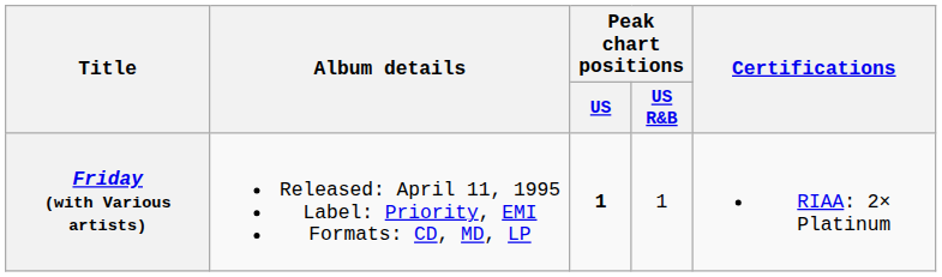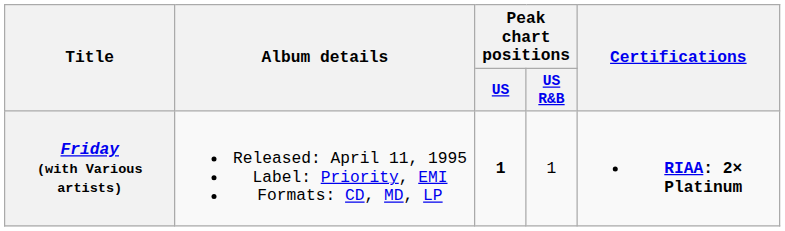 <table class="wikitable plainrowheaders" style="text-align:center;">
 <tr>
 <th scope="col" rowspan="2" style="width:10em;">Title</th>
 <th scope="col" rowspan="2" style="width:18em;">Album details</th>
 <th scope="col" colspan="2">Peak chart positions</th>
 <th scope="col" rowspan="2" style="width:12em;"><a href='#'>Certifications</a></th>
 </tr>
 <tr>
 <th style="width:3em;font-size:90%;"><a href='#'>US</a><br></th>
 <th style="width:3em;font-size:90%;"><a href='#'>US R&B</a><br></th>
 </tr>
 <tr>
 <th scope="row"><em><a href='#'>Friday</a></em><br><small>(with Various artists)</small></th>
 <td><br><ul><li>Released: April 11, 1995</li><li>Label: <a href='#'>Priority</a>, <a href='#'>EMI</a></li><li>Formats: <a href='#'>CD</a>, <a href='#'>MD</a>, <a href='#'>LP</a></li></ul></td>
 <td><strong>1</strong></td>
 <td>1</td>
-<td><br><ul><li><a href='#'>RIAA</a>: 2× Platinum</li></ul></td>
+<td><strong><br><ul><li><a href='#'>RIAA</a>: 2× Platinum</li></ul></strong></td>
 </tr>
 </table>
